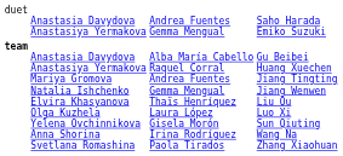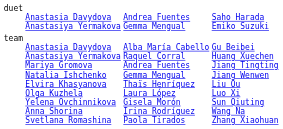 <table>
 <tr valign="top">
 <td>duet<br></td>
 <td><br><a href='#'>Anastasia Davydova</a><br><a href='#'>Anastasiya Yermakova</a></td>
 <td><br><a href='#'>Andrea Fuentes</a><br><a href='#'>Gemma Mengual</a></td>
 <td><br><a href='#'>Saho Harada</a><br><a href='#'>Emiko Suzuki</a></td>
 </tr>
 <tr valign="top">
-<td><strong>team<br></strong></td>
+<td>team<br></td>
 <td><br><a href='#'>Anastasia Davydova</a><br><a href='#'>Anastasiya Yermakova</a><br><a href='#'>Mariya Gromova</a><br><a href='#'>Natalia Ishchenko</a><br><a href='#'>Elvira Khasyanova</a><br><a href='#'>Olga Kuzhela</a><br><a href='#'>Yelena Ovchinnikova</a><br><a href='#'>Anna Shorina</a><br><a href='#'>Svetlana Romashina</a></td>
 <td><br><a href='#'>Alba María Cabello</a><br><a href='#'>Raquel Corral</a><br><a href='#'>Andrea Fuentes</a><br><a href='#'>Gemma Mengual</a><br><a href='#'>Thaïs Henríquez</a><br><a href='#'>Laura López</a><br><a href='#'>Gisela Morón</a><br><a href='#'>Irina Rodríguez</a><br><a href='#'>Paola Tirados</a></td>
 <td><br><a href='#'>Gu Beibei</a><br><a href='#'>Huang Xuechen</a><br><a href='#'>Jiang Tingting</a><br><a href='#'>Jiang Wenwen</a><br><a href='#'>Liu Ou</a><br><a href='#'>Luo Xi</a><br><a href='#'>Sun Qiuting</a><br> <a href='#'>Wang Na</a><br><a href='#'>Zhang Xiaohuan</a></td>
 </tr>
 </table>
